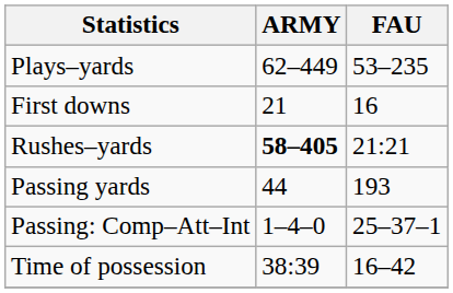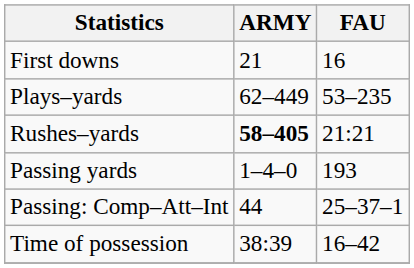 <table class="wikitable" style="float: left;">
 <tr>
 <th>Statistics</th>
 <th>ARMY</th>
 <th>FAU</th>
 </tr>
 <tr>
+<td>First downs</td>
+<td>21</td>
+<td>16</td>
+</tr>
+<tr>
 <td>Plays–yards</td>
 <td>62–449</td>
 <td>53–235</td>
-</tr>
-<tr>
-<td>First downs</td>
-<td>21</td>
-<td>16</td>
 </tr>
 <tr>
 <td>Rushes–yards</td>
 <td><strong>58–405</strong></td>
 <td>21:21</td>
 </tr>
 <tr>
 <td>Passing yards</td>
-<td>44</td>
+<td>1–4–0</td>
 <td>193</td>
 </tr>
 <tr>
 <td>Passing: Comp–Att–Int</td>
-<td>1–4–0</td>
+<td>44</td>
 <td>25–37–1</td>
 </tr>
 <tr>
 <td>Time of possession</td>
 <td>38:39</td>
 <td>16–42</td>
 </tr>
 <tr>
 </tr>
 </table>
